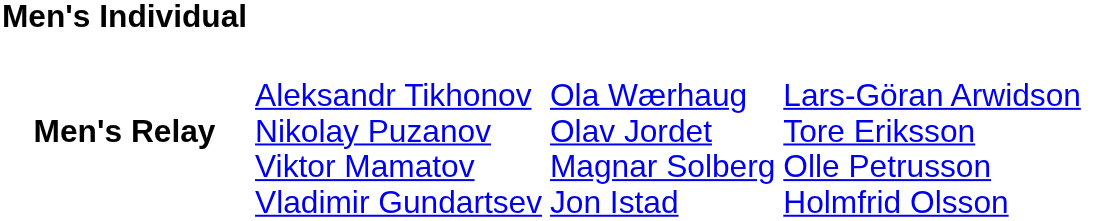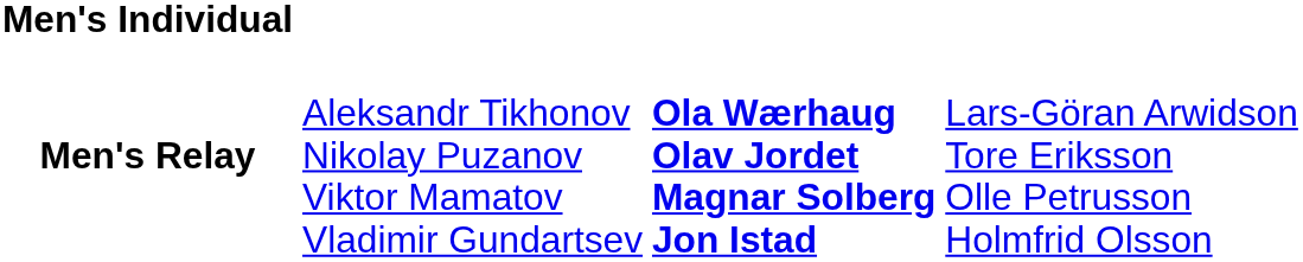 <table>
 <tr>
 <th scope="row">Men's Individual<br></th>
 <td></td>
 <td></td>
 <td></td>
 </tr>
 <tr>
 <th scope="row">Men's Relay<br></th>
 <td><br><a href='#'>Aleksandr Tikhonov</a><br><a href='#'>Nikolay Puzanov</a><br><a href='#'>Viktor Mamatov</a><br><a href='#'>Vladimir Gundartsev</a></td>
-<td><br><a href='#'>Ola Wærhaug</a><br><a href='#'>Olav Jordet</a><br><a href='#'>Magnar Solberg</a><br><a href='#'>Jon Istad</a></td>
+<td><strong><br><a href='#'>Ola Wærhaug</a><br><a href='#'>Olav Jordet</a><br><a href='#'>Magnar Solberg</a><br><a href='#'>Jon Istad</a></strong></td>
 <td><br><a href='#'>Lars-Göran Arwidson</a><br><a href='#'>Tore Eriksson</a><br><a href='#'>Olle Petrusson</a><br><a href='#'>Holmfrid Olsson</a></td>
 </tr>
 </table>
